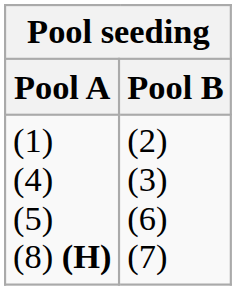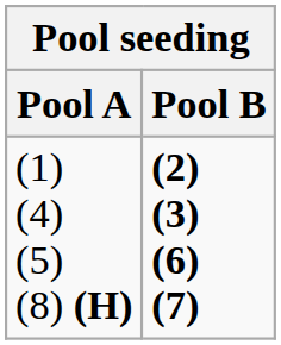 <table class="wikitable collapsible">
 <tr>
 <th colspan=2>Pool seeding</th>
 </tr>
 <tr>
 <th>Pool A</th>
 <th>Pool B</th>
 </tr>
 <tr>
 <td valign=top> (1)<br> (4)<br> (5)<br> (8) <strong>(H)</strong></td>
-<td valign=top> (2) <br> (3)<br> (6)<br> (7)</td>
+<td valign=top><strong> (2) <br> (3)<br> (6)<br> (7)</strong></td>
 </tr>
 </table>
